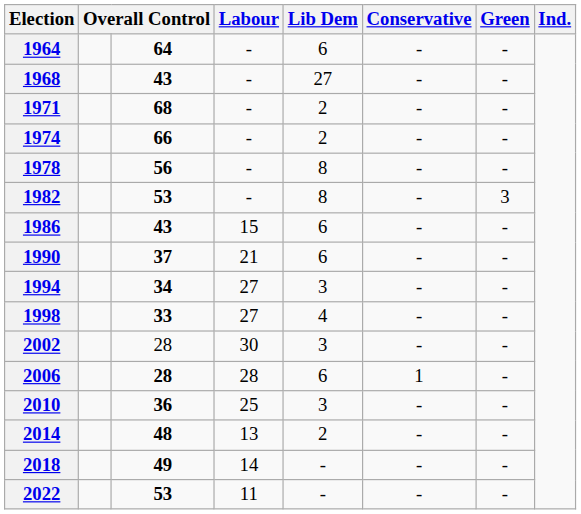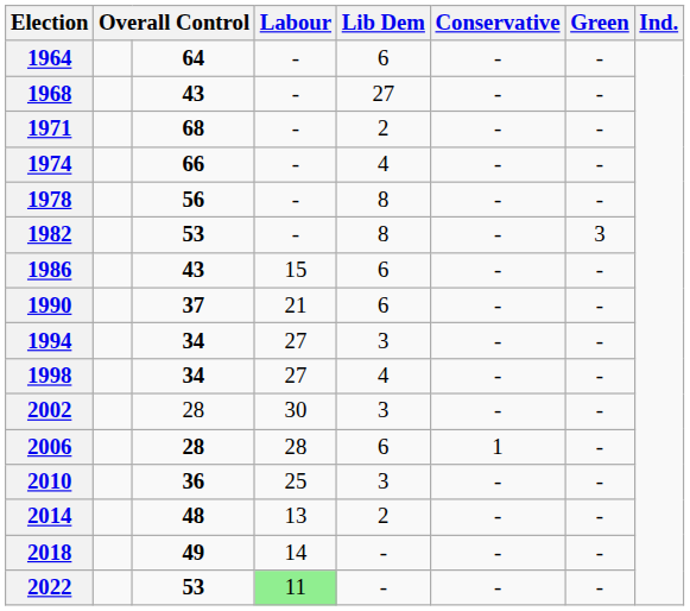 <table class="wikitable">
 <tr>
 <th>Election</th>
 <th colspan=2>Overall Control</th>
 <th><a href='#'>Labour</a></th>
 <th><a href='#'>Lib Dem</a></th>
 <th><a href='#'>Conservative</a></th>
 <th><a href='#'>Green</a></th>
 <th><a href='#'>Ind.</a></th>
 </tr>
 <tr>
 <th><a href='#'>1964</a></th>
 <td></td>
 <td style="text-align: center;"><strong>64</strong></td>
 <td style="text-align: center;">-</td>
 <td style="text-align: center;">6</td>
 <td style="text-align: center;">-</td>
 <td style="text-align: center;">-</td>
 </tr>
 <tr>
 <th><a href='#'>1968</a></th>
 <td></td>
 <td style="text-align: center;"><strong>43</strong></td>
 <td style="text-align: center;">-</td>
 <td style="text-align: center;">27</td>
 <td style="text-align: center;">-</td>
 <td style="text-align: center;">-</td>
 </tr>
 <tr>
 <th><a href='#'>1971</a></th>
 <td></td>
 <td style="text-align: center;"><strong>68</strong></td>
 <td style="text-align: center;">-</td>
 <td style="text-align: center;">2</td>
 <td style="text-align: center;">-</td>
 <td style="text-align: center;">-</td>
 </tr>
 <tr>
 <th><a href='#'>1974</a></th>
 <td></td>
 <td style="text-align: center;"><strong>66</strong></td>
 <td style="text-align: center;">-</td>
-<td style="text-align: center;">2</td>
+<td style="text-align: center;">4</td>
 <td style="text-align: center;">-</td>
 <td style="text-align: center;">-</td>
 </tr>
 <tr>
 <th><a href='#'>1978</a></th>
 <td></td>
 <td style="text-align: center;"><strong>56</strong></td>
 <td style="text-align: center;">-</td>
 <td style="text-align: center;">8</td>
 <td style="text-align: center;">-</td>
 <td style="text-align: center;">-</td>
 </tr>
 <tr>
 <th><a href='#'>1982</a></th>
 <td></td>
 <td style="text-align: center;"><strong>53</strong></td>
 <td style="text-align: center;">-</td>
 <td style="text-align: center;">8</td>
 <td style="text-align: center;">-</td>
 <td style="text-align: center;">3</td>
 </tr>
 <tr>
 <th><a href='#'>1986</a></th>
 <td></td>
 <td style="text-align: center;"><strong>43</strong></td>
 <td style="text-align: center;">15</td>
 <td style="text-align: center;">6</td>
 <td style="text-align: center;">-</td>
 <td style="text-align: center;">-</td>
 </tr>
 <tr>
 <th><a href='#'>1990</a></th>
 <td></td>
 <td style="text-align: center;"><strong>37</strong></td>
 <td style="text-align: center;">21</td>
 <td style="text-align: center;">6</td>
 <td style="text-align: center;">-</td>
 <td style="text-align: center;">-</td>
 </tr>
 <tr>
 <th><a href='#'>1994</a></th>
 <td></td>
 <td style="text-align: center;"><strong>34</strong></td>
 <td style="text-align: center;">27</td>
 <td style="text-align: center;">3</td>
 <td style="text-align: center;">-</td>
 <td style="text-align: center;">-</td>
 </tr>
 <tr>
 <th><a href='#'>1998</a></th>
 <td></td>
-<td style="text-align: center;"><strong>33</strong></td>
+<td style="text-align: center;"><strong>34</strong></td>
 <td style="text-align: center;">27</td>
 <td style="text-align: center;">4</td>
 <td style="text-align: center;">-</td>
 <td style="text-align: center;">-</td>
 </tr>
 <tr>
 <th><a href='#'>2002</a></th>
 <td></td>
 <td style="text-align: center;">28</td>
 <td style="text-align: center;">30</td>
 <td style="text-align: center;">3</td>
 <td style="text-align: center;">-</td>
 <td style="text-align: center;">-</td>
 </tr>
 <tr>
 <th><a href='#'>2006</a></th>
 <td></td>
 <td style="text-align: center;"><strong>28</strong></td>
 <td style="text-align: center;">28</td>
 <td style="text-align: center;">6</td>
 <td style="text-align: center;">1</td>
 <td style="text-align: center;">-</td>
 </tr>
 <tr>
 <th><a href='#'>2010</a></th>
 <td></td>
 <td style="text-align: center;"><strong>36</strong></td>
 <td style="text-align: center;">25</td>
 <td style="text-align: center;">3</td>
 <td style="text-align: center;">-</td>
 <td style="text-align: center;">-</td>
 </tr>
 <tr>
 <th><a href='#'>2014</a></th>
 <td></td>
 <td style="text-align: center;"><strong>48</strong></td>
 <td style="text-align: center;">13</td>
 <td style="text-align: center;">2</td>
 <td style="text-align: center;">-</td>
 <td style="text-align: center;">-</td>
 </tr>
 <tr>
 <th><a href='#'>2018</a></th>
 <td></td>
 <td style="text-align: center;"><strong>49</strong></td>
 <td style="text-align: center;">14</td>
 <td style="text-align: center;">-</td>
 <td style="text-align: center;">-</td>
 <td style="text-align: center;">-</td>
 </tr>
 <tr>
 <th><a href='#'>2022</a></th>
 <td></td>
 <td style="text-align: center;"><strong>53</strong></td>
-<td style="text-align: center;">11</td>
+<td style="background: lightgreen; text-align: center;">11</td>
 <td style="text-align: center;">-</td>
 <td style="text-align: center;">-</td>
 <td style="text-align: center;">-</td>
 </tr>
 </table>
